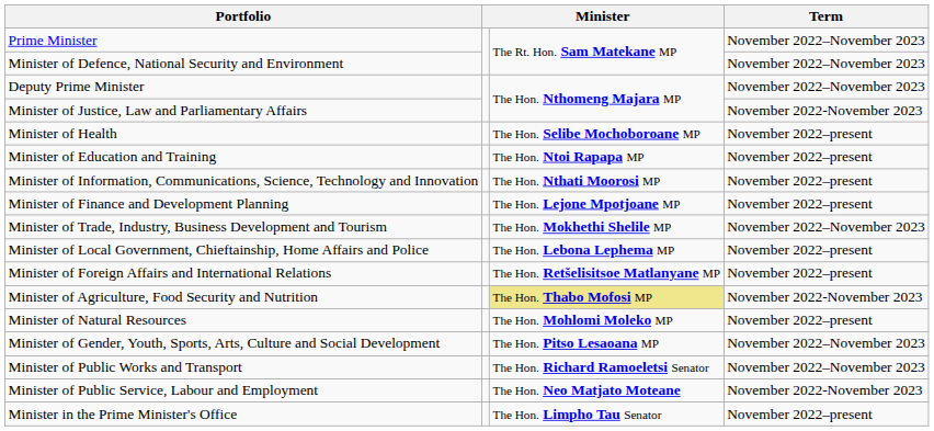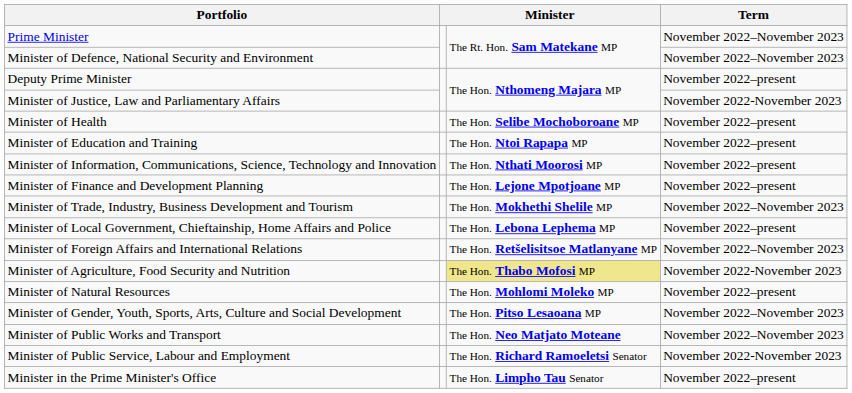 <table class="wikitable">
 <tr>
 <th>Portfolio</th>
 <th colspan=2>Minister</th>
 <th colspan=2>Term</th>
 </tr>
 <tr>
 <td><a href='#'>Prime Minister</a></td>
 <td rowspan=2 style="width:1px; background-color: "></td>
 <td rowspan=2><small>The Rt. Hon.</small> <strong><a href='#'>Sam Matekane</a></strong> <small>MP</small></td>
 <td>November 2022–November 2023</td>
 </tr>
 <tr>
 <td>Minister of Defence, National Security and Environment</td>
 <td>November 2022–November 2023</td>
 </tr>
 <tr>
 <td>Deputy Prime Minister</td>
 <td rowspan=2 style="width:1px; background-color: "></td>
 <td rowspan=2><small>The Hon.</small> <strong><a href='#'>Nthomeng Majara</a></strong> <small>MP</small></td>
-<td>November 2022–November 2023</td>
+<td>November 2022–present</td>
 </tr>
 <tr>
 <td>Minister of Justice, Law and Parliamentary Affairs</td>
 <td>November 2022-November 2023</td>
 </tr>
 <tr>
 <td>Minister of Health</td>
 <td style="background:"></td>
 <td><small>The Hon.</small> <strong><a href='#'>Selibe Mochoboroane</a></strong> <small>MP</small></td>
 <td>November 2022–present</td>
 </tr>
 <tr>
 <td>Minister of Education and Training</td>
 <td style="background:"></td>
 <td><small>The Hon.</small> <strong><a href='#'>Ntoi Rapapa</a></strong> <small>MP</small></td>
 <td>November 2022–present</td>
 </tr>
 <tr>
 <td>Minister of Information, Communications, Science, Technology and Innovation</td>
 <td style="background:"></td>
 <td><small>The Hon.</small> <strong><a href='#'>Nthati Moorosi</a></strong> <small>MP</small></td>
 <td>November 2022–present</td>
 </tr>
 <tr>
 <td>Minister of Finance and Development Planning</td>
 <td style="background:"></td>
 <td><small>The Hon.</small> <strong><a href='#'>Lejone Mpotjoane</a></strong> <small>MP</small></td>
 <td>November 2022–present</td>
 </tr>
 <tr>
 <td>Minister of Trade, Industry, Business Development and Tourism</td>
 <td style="background:"></td>
 <td><small>The Hon.</small> <strong><a href='#'>Mokhethi Shelile</a></strong> <small>MP</small></td>
 <td>November 2022–November 2023</td>
 </tr>
 <tr>
 <td>Minister of Local Government, Chieftainship, Home Affairs and Police</td>
 <td style="background:"></td>
 <td><small>The Hon.</small> <strong><a href='#'>Lebona Lephema</a></strong> <small>MP</small></td>
 <td>November 2022–present</td>
 </tr>
 <tr>
 <td>Minister of Foreign Affairs and International Relations</td>
 <td style="background:"></td>
 <td><small>The Hon.</small> <strong><a href='#'>Retšelisitsoe Matlanyane</a></strong> <small>MP</small></td>
-<td>November 2022–present</td>
+<td>November 2022–November 2023</td>
 </tr>
 <tr>
 <td>Minister of Agriculture, Food Security and Nutrition</td>
 <td style="background:"></td>
 <td style="background: khaki;"><small>The Hon.</small> <strong><a href='#'>Thabo Mofosi</a></strong> <small>MP</small></td>
 <td>November 2022-November 2023</td>
 </tr>
 <tr>
 <td>Minister of Natural Resources</td>
 <td style="background:"></td>
 <td><small>The Hon.</small> <strong><a href='#'>Mohlomi Moleko</a></strong> <small>MP</small></td>
 <td>November 2022–present</td>
 </tr>
 <tr>
 <td>Minister of Gender, Youth, Sports, Arts, Culture and Social Development</td>
 <td style="background:"></td>
 <td><small>The Hon.</small> <strong><a href='#'>Pitso Lesaoana</a></strong> <small>MP</small></td>
 <td>November 2022–November 2023</td>
 </tr>
 <tr>
 <td>Minister of Public Works and Transport</td>
 <td style="background:"></td>
-<td><small>The Hon.</small> <strong><a href='#'>Richard Ramoeletsi</a></strong> <small>Senator</small></td>
+<td><small>The Hon.</small> <strong><a href='#'>Neo Matjato Moteane</a></strong></td>
 <td>November 2022–November 2023</td>
 </tr>
 <tr>
 <td>Minister of Public Service, Labour and Employment</td>
 <td style="background:"></td>
-<td><small>The Hon.</small> <strong><a href='#'>Neo Matjato Moteane</a></strong></td>
+<td><small>The Hon.</small> <strong><a href='#'>Richard Ramoeletsi</a></strong> <small>Senator</small></td>
 <td>November 2022-November 2023</td>
 </tr>
 <tr>
 <td>Minister in the Prime Minister's Office</td>
 <td style="background:"></td>
 <td><small>The Hon.</small> <strong><a href='#'>Limpho Tau</a></strong> <small>Senator</small></td>
 <td>November 2022–present</td>
 </tr>
 </table>
